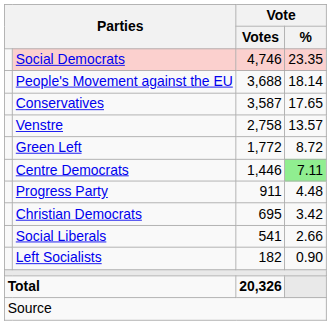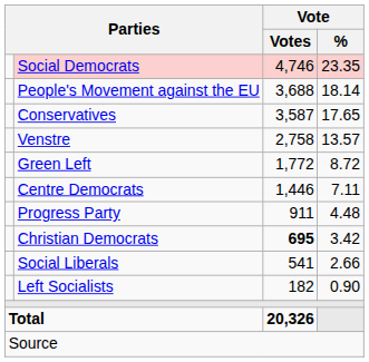 <table class="wikitable" style="text-align:right;">
 <tr>
 <th style="text-align:centre;" rowspan="2" colspan="2" width="225">Parties</th>
 <th colspan="3">Vote</th>
 </tr>
 <tr>
 <th width="15">Votes</th>
 <th width="15">%</th>
 </tr>
 <tr>
 <td width="2" style="color:inherit;background:"></td>
 <td bgcolor=#fbd0ce   align="left"><a href='#'>Social Democrats</a></td>
 <td bgcolor=#fbd0ce>4,746</td>
 <td bgcolor=#fbd0ce>23.35</td>
 </tr>
 <tr>
 <td width="2" style="color:inherit;background:"></td>
 <td align="left"><a href='#'>People's Movement against the EU</a></td>
 <td>3,688</td>
 <td>18.14</td>
 </tr>
 <tr>
 <td width="2" style="color:inherit;background:"></td>
 <td align="left"><a href='#'>Conservatives</a></td>
 <td>3,587</td>
 <td>17.65</td>
 </tr>
 <tr>
 <td width="2" style="color:inherit;background:"></td>
 <td align="left"><a href='#'>Venstre</a></td>
 <td>2,758</td>
 <td>13.57</td>
 </tr>
 <tr>
 <td width="2" style="color:inherit;background:"></td>
 <td align="left"><a href='#'>Green Left</a></td>
 <td>1,772</td>
 <td>8.72</td>
 </tr>
 <tr>
 <td width="2" style="color:inherit;background:"></td>
 <td align="left"><a href='#'>Centre Democrats</a></td>
 <td>1,446</td>
-<td style="background: lightgreen;">7.11</td>
+<td>7.11</td>
 </tr>
 <tr>
 <td width="2" style="color:inherit;background:"></td>
 <td align="left"><a href='#'>Progress Party</a></td>
 <td>911</td>
 <td>4.48</td>
 </tr>
 <tr>
 <td width="2" style="color:inherit;background:"></td>
 <td align="left"><a href='#'>Christian Democrats</a></td>
-<td>695</td>
+<td><strong>695</strong></td>
 <td>3.42</td>
 </tr>
 <tr>
 <td width="2" style="color:inherit;background:"></td>
 <td align="left"><a href='#'>Social Liberals</a></td>
 <td>541</td>
 <td>2.66</td>
 </tr>
 <tr>
 <td width="2" style="color:inherit;background:"></td>
 <td align="left"><a href='#'>Left Socialists</a></td>
 <td>182</td>
 <td>0.90</td>
 </tr>
 <tr>
 <td colspan="7" bgcolor="#E9E9E9"></td>
 </tr>
 <tr>
 <td align="left" colspan="2"><strong>Total</strong></td>
 <td><strong>20,326</strong></td>
 <td bgcolor="#E9E9E9" colspan="2"></td>
 </tr>
 <tr>
 <td align="left" colspan="6">Source</td>
 </tr>
 </table>
